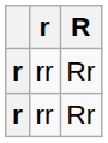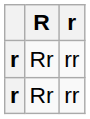 <table class="wikitable" style="text-align: center; ">
 <tr>
 <th></th>
+<th>R</th>
 <th>r</th>
-<th>R</th>
 </tr>
 <tr>
 <th>r</th>
+<td>Rr</td>
 <td>rr</td>
-<td>Rr</td>
 </tr>
 <tr>
 <th>r</th>
+<td>Rr</td>
 <td>rr</td>
-<td>Rr</td>
 </tr>
 </table>
